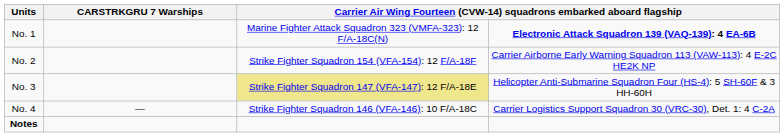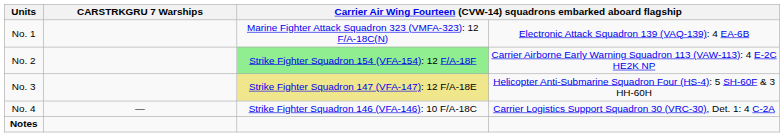 <table class="wikitable" style="text-align:center" width=99%>
 <tr>
 <th rowspan="1" width="5%">Units</th>
 <th colspan="1" width="25%" align="center">CARSTRKGRU 7 Warships</th>
 <th colspan="2" align="center"><a href='#'>Carrier Air Wing Fourteen</a> (CVW-14) squadrons embarked aboard flagship </th>
 </tr>
 <tr>
 <td>No. 1</td>
 <td></td>
 <td><a href='#'>Marine Fighter Attack Squadron 323 (VMFA-323)</a>: 12 <a href='#'>F/A-18C(N)</a></td>
-<td><strong><a href='#'>Electronic Attack Squadron 139 (VAQ-139)</a>: 4 <a href='#'>EA-6B</a></strong></td>
+<td><a href='#'>Electronic Attack Squadron 139 (VAQ-139)</a>: 4 <a href='#'>EA-6B</a></td>
 </tr>
 <tr>
 <td>No. 2</td>
 <td></td>
-<td><a href='#'>Strike Fighter Squadron 154 (VFA-154)</a>: 12 <a href='#'>F/A-18F</a></td>
+<td style="background: lightgreen;"><a href='#'>Strike Fighter Squadron 154 (VFA-154)</a>: 12 <a href='#'>F/A-18F</a></td>
 <td><a href='#'>Carrier Airborne Early Warning Squadron 113 (VAW-113)</a>: 4 <a href='#'>E-2C HE2K NP</a></td>
 </tr>
 <tr>
 <td>No. 3</td>
 <td></td>
 <td style="background: khaki;"><a href='#'>Strike Fighter Squadron 147 (VFA-147)</a>: 12 F/A-18E</td>
 <td><a href='#'>Helicopter Anti-Submarine Squadron Four (HS-4)</a>: 5 <a href='#'>SH-60F</a> & 3 HH-60H</td>
 </tr>
 <tr>
 <td>No. 4</td>
 <td>—</td>
 <td><a href='#'>Strike Fighter Squadron 146 (VFA-146)</a>:  10 F/A-18C</td>
 <td><a href='#'>Carrier Logistics Support Squadron 30 (VRC-30)</a>, Det. 1:  4 <a href='#'>C-2A</a></td>
 </tr>
 <tr>
 <td><strong>Notes</strong></td>
 <td></td>
 <td></td>
 <td></td>
 </tr>
 </table>
